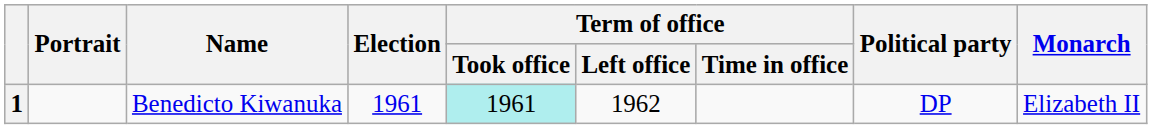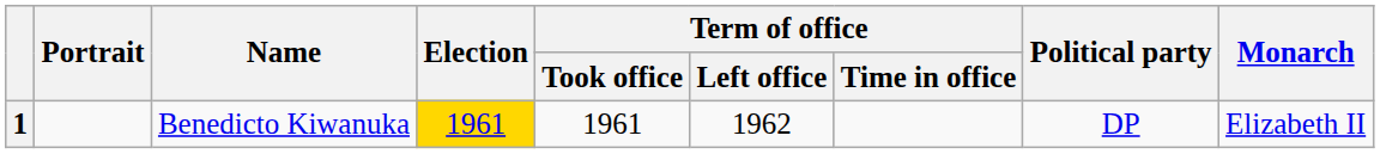 <table class="wikitable" style="text-align:center">
 <tr>
 <th rowspan="2"></th>
 <th rowspan="2">Portrait</th>
 <th rowspan="2">Name<br></th>
 <th rowspan="2">Election</th>
 <th colspan="3">Term of office</th>
 <th rowspan="2">Political party</th>
 <th rowspan="2"><a href='#'>Monarch</a></th>
 </tr>
 <tr>
 <th>Took office</th>
 <th>Left office</th>
 <th>Time in office</th>
 </tr>
 <tr>
 <th style="background:">1</th>
 <td></td>
 <td><a href='#'>Benedicto Kiwanuka</a><br></td>
-<td><a href='#'>1961</a></td>
-<td style="background: paleturquoise;"> 1961</td>
+<td style="background: gold;"><a href='#'>1961</a></td>
+<td> 1961</td>
 <td> 1962</td>
 <td></td>
 <td><a href='#'>DP</a></td>
 <td><a href='#'>Elizabeth II</a></td>
 </tr>
 </table>
